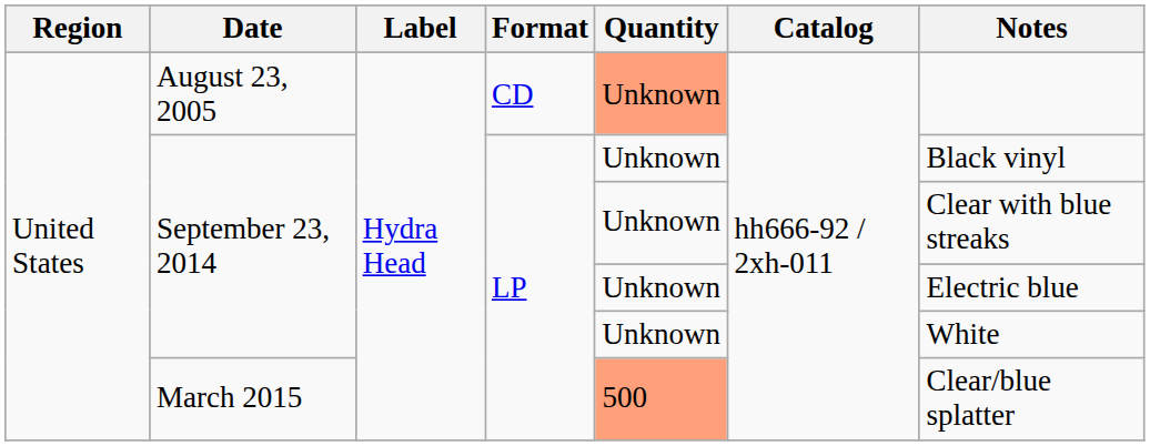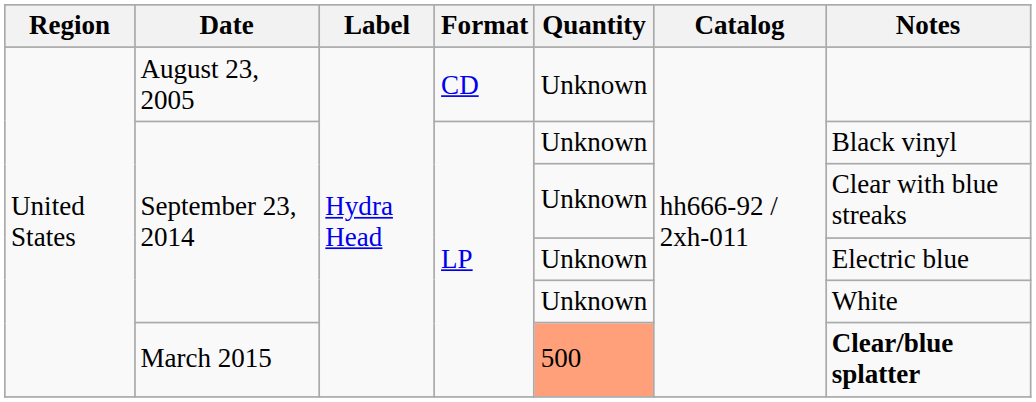 <table class="wikitable">
 <tr>
 <th>Region</th>
 <th>Date</th>
 <th>Label</th>
 <th>Format</th>
 <th>Quantity</th>
 <th>Catalog</th>
 <th>Notes</th>
 </tr>
 <tr>
 <td rowspan=6>United States</td>
 <td>August 23, 2005</td>
 <td rowspan=6><a href='#'>Hydra Head</a></td>
 <td><a href='#'>CD</a></td>
-<td style="background: lightsalmon;">Unknown</td>
+<td>Unknown</td>
 <td rowspan=6>hh666-92 / 2xh-011</td>
 <td></td>
 </tr>
 <tr>
 <td rowspan=4>September 23, 2014</td>
 <td rowspan=5><a href='#'>LP</a></td>
 <td>Unknown</td>
 <td>Black vinyl</td>
 </tr>
 <tr>
 <td>Unknown</td>
 <td>Clear with blue streaks</td>
 </tr>
 <tr>
 <td>Unknown</td>
 <td>Electric blue</td>
 </tr>
 <tr>
 <td>Unknown</td>
 <td>White</td>
 </tr>
 <tr>
 <td>March 2015</td>
 <td style="background: lightsalmon;">500</td>
-<td>Clear/blue splatter</td>
+<td><strong>Clear/blue splatter</strong></td>
 </tr>
 </table>
